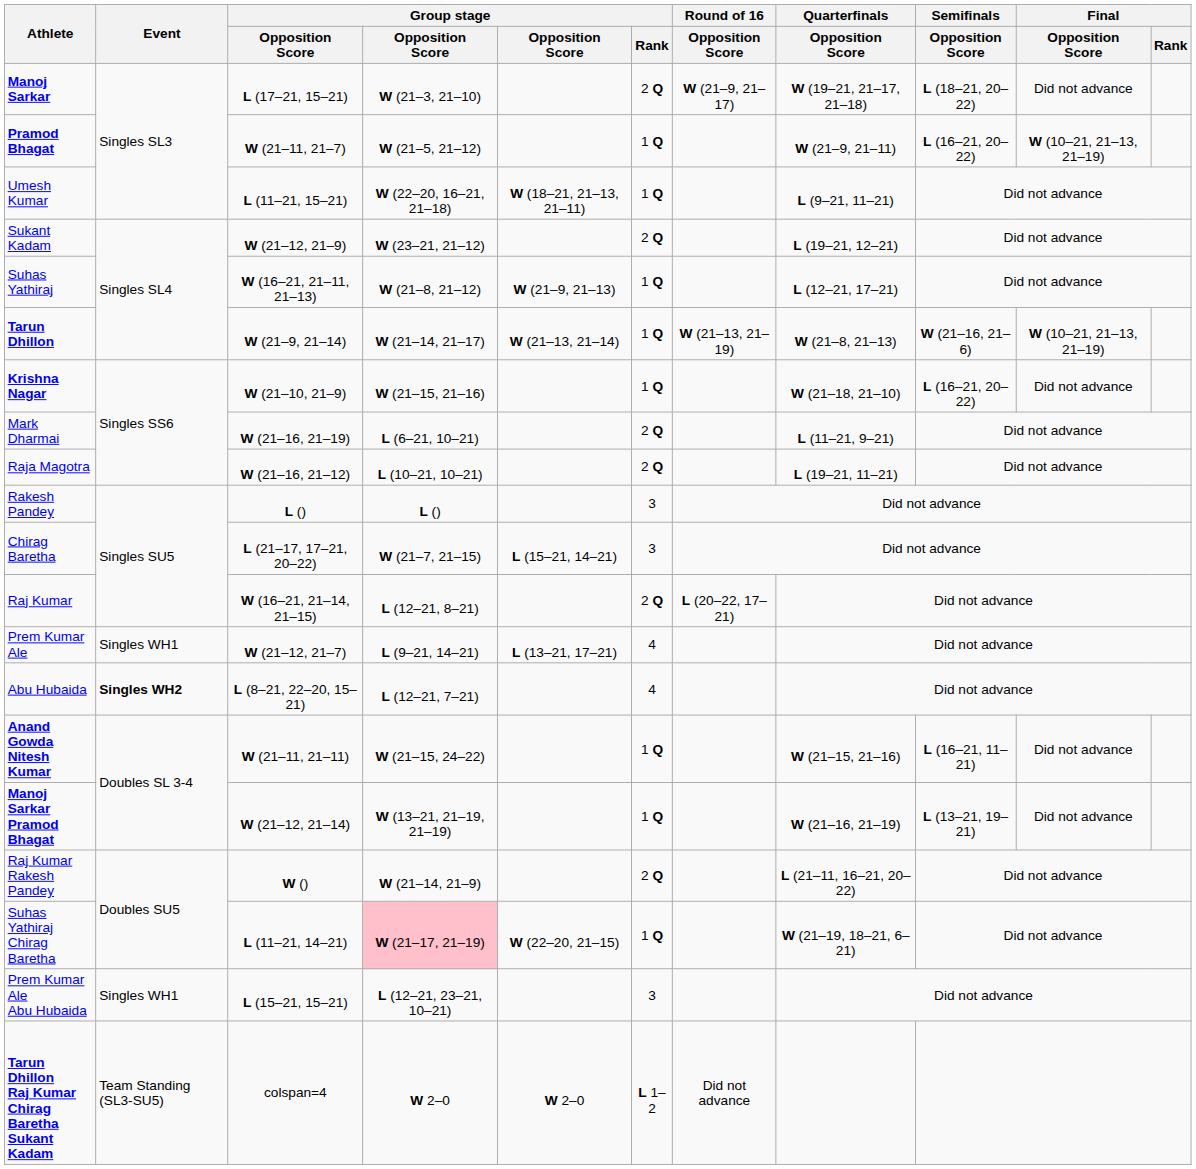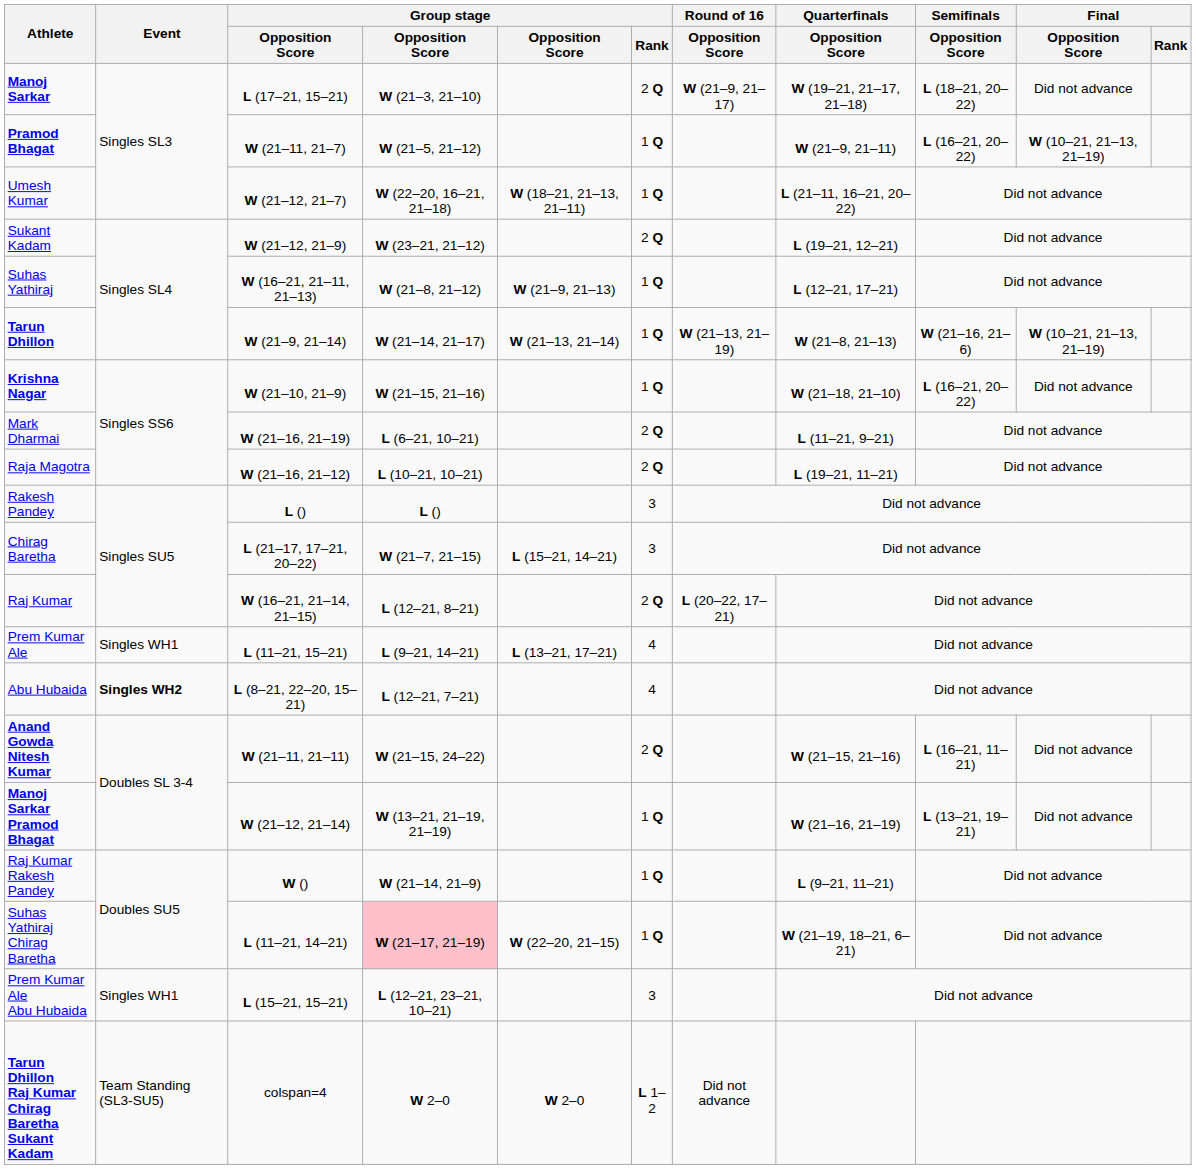 <table class="wikitable" style="text-align:center; font-size:90%">
 <tr>
 <th rowspan="2">Athlete</th>
 <th rowspan="2">Event</th>
 <th colspan="4">Group stage</th>
 <th>Round of 16</th>
 <th>Quarterfinals</th>
 <th>Semifinals</th>
 <th colspan="2">Final</th>
 </tr>
 <tr>
 <th>Opposition<br>Score</th>
 <th>Opposition<br>Score</th>
 <th>Opposition<br>Score</th>
 <th>Rank</th>
 <th>Opposition<br>Score</th>
 <th>Opposition<br>Score</th>
 <th>Opposition<br>Score</th>
 <th>Opposition<br>Score</th>
 <th>Rank</th>
 </tr>
 <tr>
 <td align="left"><strong><a href='#'>Manoj Sarkar</a></strong></td>
 <td align="left" rowspan=3>Singles SL3</td>
 <td><br><strong>L</strong> (17–21, 15–21)</td>
 <td><br><strong>W</strong> (21–3, 21–10)</td>
 <td></td>
 <td>2 <strong>Q</strong></td>
 <td><br><strong>W</strong> (21–9, 21–17)</td>
 <td><br><strong>W</strong> (19–21, 21–17, 21–18)</td>
 <td><br><strong>L</strong> (18–21, 20–22)</td>
 <td>Did not advance</td>
 <td></td>
 </tr>
 <tr>
 <td align="left"><strong><a href='#'>Pramod Bhagat</a></strong></td>
 <td><br><strong>W</strong> (21–11, 21–7)</td>
 <td><br><strong>W</strong> (21–5, 21–12)</td>
 <td></td>
 <td>1 <strong>Q</strong></td>
 <td></td>
 <td><br><strong>W</strong> (21–9, 21–11)</td>
 <td><br><strong>L</strong> (16–21, 20–22)</td>
 <td><br><strong>W</strong> (10–21, 21–13, 21–19)</td>
 <td></td>
 </tr>
 <tr>
 <td align="left"><a href='#'>Umesh Kumar</a></td>
-<td><br><strong>L</strong> (11–21, 15–21)</td>
+<td><br><strong>W</strong> (21–12, 21–7)</td>
 <td><br><strong>W</strong> (22–20, 16–21, 21–18)</td>
 <td><br><strong>W</strong> (18–21, 21–13, 21–11)</td>
 <td>1 <strong>Q</strong></td>
 <td></td>
-<td><br><strong>L</strong> (9–21, 11–21)</td>
+<td><br><strong>L</strong> (21–11, 16–21, 20–22)</td>
 <td colspan=3>Did not advance</td>
 </tr>
 <tr>
 <td align="left"><a href='#'>Sukant Kadam</a></td>
 <td align="left" rowspan=3>Singles SL4</td>
 <td><br><strong>W</strong> (21–12, 21–9)</td>
 <td><br><strong>W</strong> (23–21, 21–12)</td>
 <td></td>
 <td>2 <strong>Q</strong></td>
 <td></td>
 <td><br><strong>L</strong> (19–21, 12–21)</td>
 <td colspan=3>Did not advance</td>
 </tr>
 <tr>
 <td align="left"><a href='#'>Suhas Yathiraj</a></td>
 <td><br><strong>W</strong> (16–21, 21–11, 21–13)</td>
 <td><br><strong>W</strong> (21–8, 21–12)</td>
 <td><br><strong>W</strong> (21–9, 21–13)</td>
 <td>1 <strong>Q</strong></td>
 <td></td>
 <td><br><strong>L</strong> (12–21, 17–21)</td>
 <td colspan=3>Did not advance</td>
 </tr>
 <tr>
 <td align="left"><strong><a href='#'>Tarun Dhillon</a></strong></td>
 <td><br><strong>W</strong> (21–9, 21–14)</td>
 <td><br><strong>W</strong> (21–14, 21–17)</td>
 <td><br><strong>W</strong> (21–13, 21–14)</td>
 <td>1 <strong>Q</strong></td>
 <td><br><strong>W</strong> (21–13, 21–19)</td>
 <td><br><strong>W</strong> (21–8, 21–13)</td>
 <td><br><strong>W</strong> (21–16, 21–6)</td>
 <td><br><strong>W</strong> (10–21, 21–13, 21–19)</td>
 <td></td>
 </tr>
 <tr>
 <td align="left"><strong><a href='#'>Krishna Nagar</a></strong></td>
 <td align="left" rowspan=3>Singles SS6</td>
 <td><br><strong>W</strong> (21–10, 21–9)</td>
 <td><br><strong>W</strong> (21–15, 21–16)</td>
 <td></td>
 <td>1 <strong>Q</strong></td>
 <td></td>
 <td><br><strong>W</strong> (21–18, 21–10)</td>
 <td><br><strong>L</strong> (16–21, 20–22)</td>
 <td>Did not advance</td>
 <td></td>
 </tr>
 <tr>
 <td align="left"><a href='#'>Mark Dharmai</a></td>
 <td><br><strong>W</strong> (21–16, 21–19)</td>
 <td><br><strong>L</strong> (6–21, 10–21)</td>
 <td></td>
 <td>2 <strong>Q</strong></td>
 <td></td>
 <td><br><strong>L</strong> (11–21, 9–21)</td>
 <td colspan=3>Did not advance</td>
 </tr>
 <tr>
 <td align="left"><a href='#'>Raja Magotra</a></td>
 <td><br><strong>W</strong> (21–16, 21–12)</td>
 <td><br><strong>L</strong> (10–21, 10–21)</td>
 <td></td>
 <td>2 <strong>Q</strong></td>
 <td></td>
 <td><br><strong>L</strong> (19–21, 11–21)</td>
 <td colspan=3>Did not advance</td>
 </tr>
 <tr>
 <td align="left"><a href='#'>Rakesh Pandey</a></td>
 <td align="left" rowspan=3>Singles SU5</td>
 <td><br><strong>L</strong> ()</td>
 <td><br><strong>L</strong> ()</td>
 <td></td>
 <td>3</td>
 <td colspan=5>Did not advance</td>
 </tr>
 <tr>
 <td align="left"><a href='#'>Chirag Baretha</a></td>
 <td><br><strong>L</strong> (21–17, 17–21, 20–22)</td>
 <td><br><strong>W</strong> (21–7, 21–15)</td>
 <td><br><strong>L</strong> (15–21, 14–21)</td>
 <td>3</td>
 <td colspan=5>Did not advance</td>
 </tr>
 <tr>
 <td align="left"><a href='#'>Raj Kumar</a></td>
 <td><br><strong>W</strong> (16–21, 21–14, 21–15)</td>
 <td><br><strong>L</strong> (12–21, 8–21)</td>
 <td></td>
 <td>2 <strong>Q</strong></td>
 <td><br><strong>L</strong> (20–22, 17–21)</td>
 <td colspan=4>Did not advance</td>
 </tr>
 <tr>
 <td align="left"><a href='#'>Prem Kumar Ale</a></td>
 <td align="left">Singles WH1</td>
-<td><br><strong>W</strong> (21–12, 21–7)</td>
+<td><br><strong>L</strong> (11–21, 15–21)</td>
 <td><br><strong>L</strong> (9–21, 14–21)</td>
 <td><br><strong>L</strong> (13–21, 17–21)</td>
 <td>4</td>
 <td></td>
 <td colspan=4>Did not advance</td>
 </tr>
 <tr>
 <td align="left"><a href='#'>Abu Hubaida</a></td>
 <td align="left"><strong>Singles WH2</strong></td>
 <td><br><strong>L</strong> (8–21, 22–20, 15–21)</td>
 <td><br><strong>L</strong> (12–21, 7–21)</td>
 <td></td>
 <td>4</td>
 <td></td>
 <td colspan=4>Did not advance</td>
 </tr>
 <tr>
 <td align="left"><strong><a href='#'>Anand Gowda</a><br><a href='#'>Nitesh Kumar</a></strong></td>
 <td align="left" rowspan=2>Doubles SL 3-4</td>
 <td><br><strong>W</strong> (21–11, 21–11)</td>
 <td><br><strong>W</strong> (21–15, 24–22)</td>
 <td></td>
-<td>1 <strong>Q</strong></td>
+<td>2 <strong>Q</strong></td>
 <td></td>
 <td><br><strong>W</strong> (21–15, 21–16)</td>
 <td><br><strong>L</strong> (16–21, 11–21)</td>
 <td>Did not advance</td>
 <td></td>
 </tr>
 <tr>
 <td align="left"><strong><a href='#'>Manoj Sarkar</a><br><a href='#'>Pramod Bhagat</a></strong></td>
 <td><br><strong>W</strong> (21–12, 21–14)</td>
 <td><br><strong>W</strong> (13–21, 21–19, 21–19)</td>
 <td></td>
 <td>1 <strong>Q</strong></td>
 <td></td>
 <td><br><strong>W</strong> (21–16, 21–19)</td>
 <td><br><strong>L</strong> (13–21, 19–21)</td>
 <td>Did not advance</td>
 <td></td>
 </tr>
 <tr>
 <td align="left"><a href='#'>Raj Kumar</a><br><a href='#'>Rakesh Pandey</a></td>
 <td align="left" rowspan=2>Doubles SU5</td>
 <td><br><strong>W</strong> ()</td>
 <td><br><strong>W</strong> (21–14, 21–9)</td>
 <td></td>
-<td>2 <strong>Q</strong></td>
+<td>1 <strong>Q</strong></td>
 <td></td>
-<td><br><strong>L</strong> (21–11, 16–21, 20–22)</td>
+<td><br><strong>L</strong> (9–21, 11–21)</td>
 <td colspan=3>Did not advance</td>
 </tr>
 <tr>
 <td align="left"><a href='#'>Suhas Yathiraj</a><br><a href='#'>Chirag Baretha</a></td>
 <td><br><strong>L</strong> (11–21, 14–21)</td>
 <td style="background: pink;"><br><strong>W</strong> (21–17, 21–19)</td>
 <td><br><strong>W</strong> (22–20, 21–15)</td>
 <td>1 <strong>Q</strong></td>
 <td></td>
 <td><br><strong>W</strong> (21–19, 18–21, 6–21)</td>
 <td colspan=3>Did not advance</td>
 </tr>
 <tr>
 <td align="left"><a href='#'>Prem Kumar Ale</a><br><a href='#'>Abu Hubaida</a></td>
 <td align="left">Singles WH1</td>
 <td><br><strong>L</strong> (15–21, 15–21)</td>
 <td><br><strong>L</strong> (12–21, 23–21, 10–21)</td>
 <td></td>
 <td>3</td>
 <td></td>
 <td colspan=4>Did not advance</td>
 </tr>
 <tr>
 <td align="left"><strong><br><br><a href='#'>Tarun Dhillon</a><br><a href='#'>Raj Kumar</a><br><a href='#'>Chirag Baretha</a><br><a href='#'>Sukant Kadam</a></strong></td>
 <td align="left">Team Standing (SL3-SU5)</td>
 <td>colspan=4 </td>
 <td><br><strong>W</strong> 2–0</td>
 <td><br><strong>W</strong> 2–0</td>
 <td><br><strong>L</strong> 1–2</td>
 <td>Did not advance</td>
 <td></td>
 </tr>
 </table>
